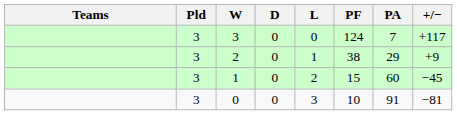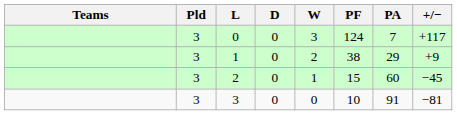 <table class="wikitable" style="text-align: center;">
 <tr>
 <th width="200">Teams</th>
 <th width="40">Pld</th>
+<th width="40">L</th>
+<th width="40">D</th>
 <th width="40">W</th>
-<th width="40">D</th>
-<th width="40">L</th>
 <th width="40">PF</th>
 <th width="40">PA</th>
 <th width="40">+/−</th>
 </tr>
 <tr bgcolor=ccffcc>
 <td align=left></td>
 <td>3</td>
-<td>3</td>
 <td>0</td>
 <td>0</td>
+<td>3</td>
 <td>124</td>
 <td>7</td>
 <td>+117</td>
 </tr>
 <tr bgcolor=ccffcc>
 <td align=left></td>
 <td>3</td>
+<td>1</td>
+<td>0</td>
 <td>2</td>
-<td>0</td>
-<td>1</td>
 <td>38</td>
 <td>29</td>
 <td>+9</td>
 </tr>
 <tr bgcolor=ccffcc>
 <td align=left></td>
 <td>3</td>
+<td>2</td>
+<td>0</td>
 <td>1</td>
-<td>0</td>
-<td>2</td>
 <td>15</td>
 <td>60</td>
 <td>−45</td>
 </tr>
 <tr>
 <td align=left></td>
 <td>3</td>
+<td>3</td>
 <td>0</td>
 <td>0</td>
-<td>3</td>
 <td>10</td>
 <td>91</td>
 <td>−81</td>
 </tr>
 </table>
